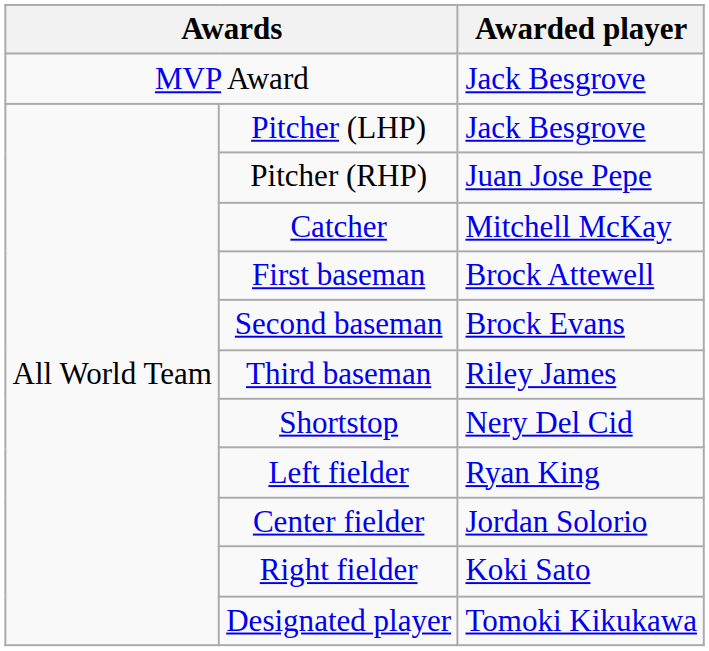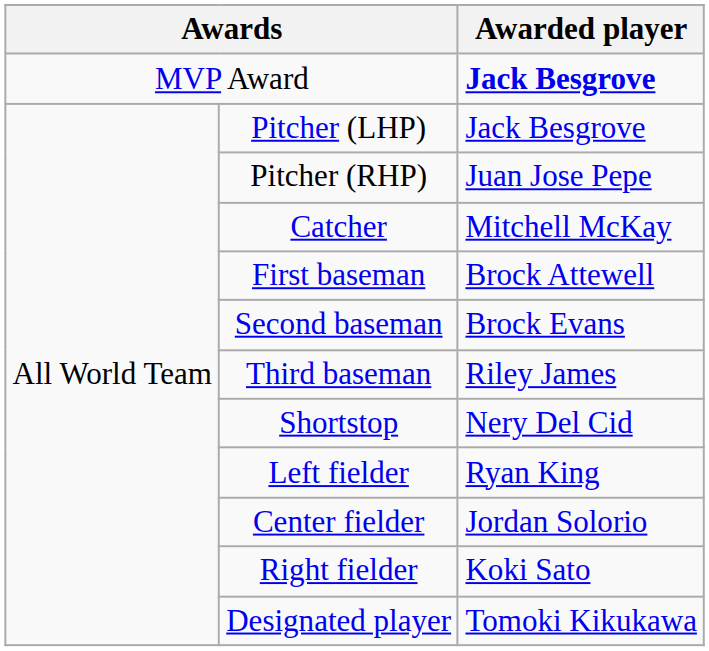 <table class="wikitable" style="text-align:left; white-space:nowrap; margin:10px">
 <tr>
 <th colspan="2">Awards</th>
 <th>Awarded player</th>
 </tr>
 <tr>
 <td colspan="2" style="text-align: center;"><a href='#'>MVP</a> Award</td>
-<td> <a href='#'>Jack Besgrove</a></td>
+<td><strong> <a href='#'>Jack Besgrove</a></strong></td>
 </tr>
 <tr>
 <td rowspan="11" style="text-align: center;">All World Team</td>
 <td style="text-align: center;"><a href='#'>Pitcher</a> (LHP)</td>
 <td> <a href='#'>Jack Besgrove</a></td>
 </tr>
 <tr>
 <td style="text-align: center;">Pitcher (RHP)</td>
 <td> <a href='#'>Juan Jose Pepe</a></td>
 </tr>
 <tr>
 <td style="text-align: center;"><a href='#'>Catcher</a></td>
 <td> <a href='#'>Mitchell McKay</a></td>
 </tr>
 <tr>
 <td style="text-align: center;"><a href='#'>First baseman</a></td>
 <td> <a href='#'>Brock Attewell</a></td>
 </tr>
 <tr>
 <td style="text-align: center;"><a href='#'>Second baseman</a></td>
 <td> <a href='#'>Brock Evans</a></td>
 </tr>
 <tr>
 <td style="text-align: center;"><a href='#'>Third baseman</a></td>
 <td> <a href='#'>Riley James</a></td>
 </tr>
 <tr>
 <td style="text-align: center;"><a href='#'>Shortstop</a></td>
 <td> <a href='#'>Nery Del Cid</a></td>
 </tr>
 <tr>
 <td style="text-align: center;"><a href='#'>Left fielder</a></td>
 <td> <a href='#'>Ryan King</a></td>
 </tr>
 <tr>
 <td style="text-align: center;"><a href='#'>Center fielder</a></td>
 <td> <a href='#'>Jordan Solorio</a></td>
 </tr>
 <tr>
 <td style="text-align: center;"><a href='#'>Right fielder</a></td>
 <td> <a href='#'>Koki Sato</a></td>
 </tr>
 <tr>
 <td style="text-align: center;"><a href='#'>Designated player</a></td>
 <td> <a href='#'>Tomoki Kikukawa</a></td>
 </tr>
 </table>
